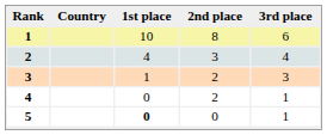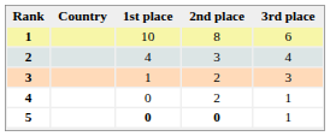 <table style="border-style:solid;border-width:1px;border-color:#808080;background-color:#EFEFEF" cellspacing="2" cellpadding="2" width="380px">
 <tr bgcolor="#EFEFEF">
 <th>Rank</th>
 <th align=center>Country</th>
 <th>1st place</th>
 <th>2nd place</th>
 <th>3rd place</th>
 </tr>
 <tr align="center" valign="top" bgcolor="#F7F6A8">
 <th>1</th>
 <td align="left"></td>
 <td align="center">10</td>
 <td align="center">8</td>
 <td align="center">6</td>
 </tr>
 <tr align="center" valign="top" bgcolor="#DCE5E5">
 <th>2</th>
 <td align="left"></td>
 <td align="center">4</td>
 <td align="center">3</td>
 <td align="center">4</td>
 </tr>
 <tr align="center" valign="top" bgcolor="#FFDAB9">
 <th>3</th>
 <td align="left"></td>
 <td align="center">1</td>
 <td align="center">2</td>
 <td align="center">3</td>
 </tr>
 <tr align="center" valign="top" bgcolor="#FFFFFF">
 <th>4</th>
 <td align="left"></td>
 <td align="center">0</td>
 <td align="center">2</td>
 <td align="center">1</td>
 </tr>
 <tr align="center" valign="top" bgcolor="#FFFFFF">
 <th>5</th>
 <td align="left"></td>
 <td align="center"><strong>0</strong></td>
-<td align="center">0</td>
+<td align="center"><strong>0</strong></td>
 <td align="center">1</td>
 </tr>
 <tr align="center" valign="top" bgcolor="#FFFFFF">
 </tr>
 </table>
